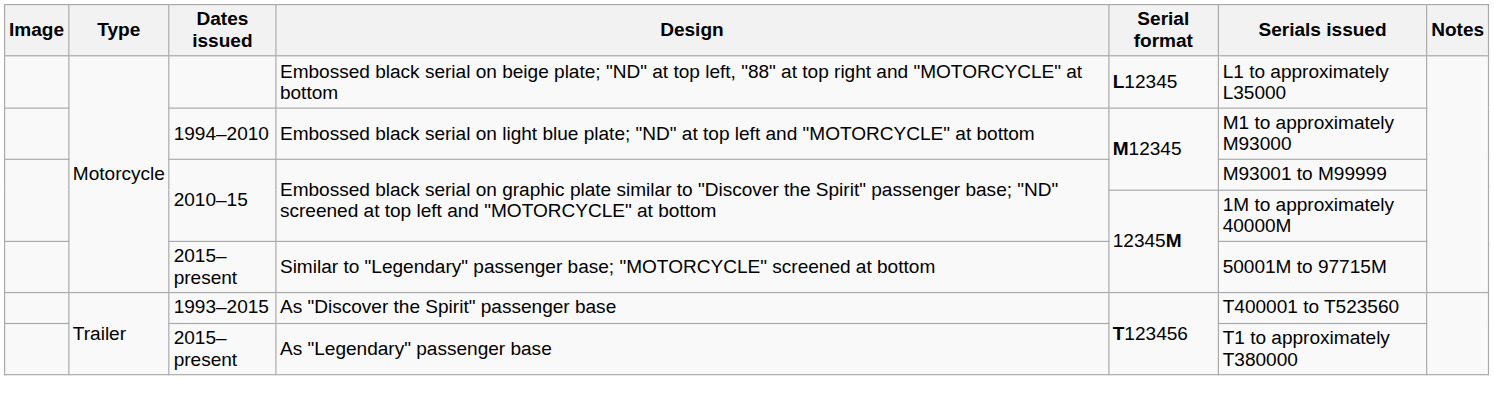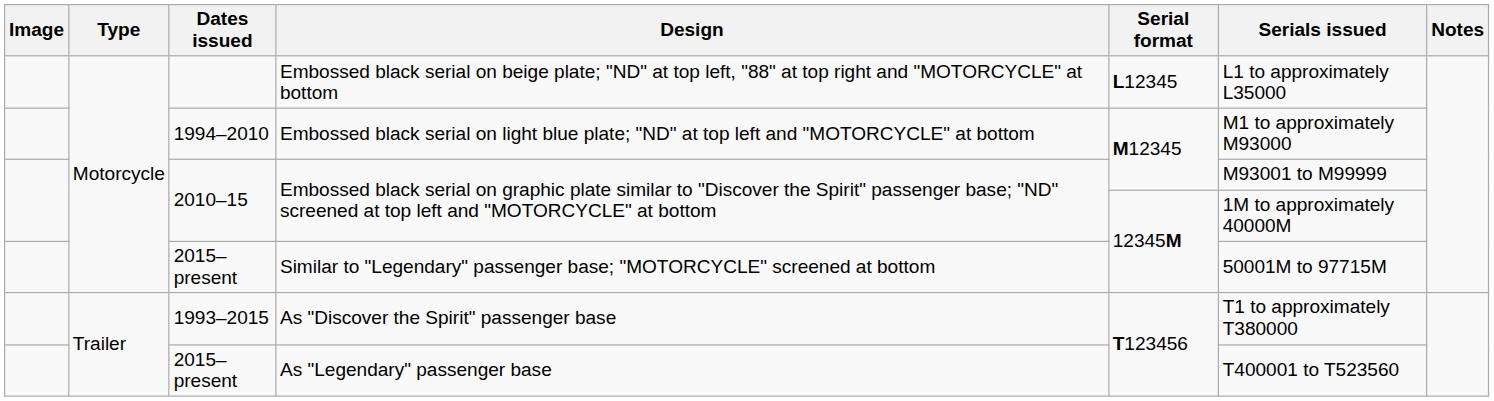 <table class="wikitable">
 <tr>
 <th>Image</th>
 <th>Type</th>
 <th>Dates issued</th>
 <th>Design</th>
 <th>Serial format</th>
 <th>Serials issued</th>
 <th>Notes</th>
 </tr>
 <tr>
 <td></td>
 <td rowspan="5">Motorcycle</td>
 <td></td>
 <td>Embossed black serial on beige plate; "ND" at top left, "88" at top right and "MOTORCYCLE" at bottom</td>
 <td><strong>L</strong>12345</td>
 <td>L1 to approximately L35000</td>
 <td rowspan="5"></td>
 </tr>
 <tr>
 <td></td>
 <td>1994–2010</td>
 <td>Embossed black serial on light blue plate; "ND" at top left and "MOTORCYCLE" at bottom</td>
 <td rowspan="2"><strong>M</strong>12345</td>
 <td>M1 to approximately M93000</td>
 </tr>
 <tr>
 <td rowspan="2"></td>
 <td rowspan="2">2010–15</td>
 <td rowspan="2">Embossed black serial on graphic plate similar to "Discover the Spirit" passenger base; "ND" screened at top left and "MOTORCYCLE" at bottom</td>
 <td>M93001 to M99999</td>
 </tr>
 <tr>
 <td rowspan="2">12345<strong>M</strong></td>
 <td>1M to approximately 40000M</td>
 </tr>
 <tr>
 <td></td>
 <td>2015–present</td>
 <td>Similar to "Legendary" passenger base; "MOTORCYCLE" screened at bottom</td>
 <td>50001M to 97715M </td>
 </tr>
 <tr>
 <td></td>
 <td rowspan="2">Trailer</td>
 <td>1993–2015</td>
 <td>As "Discover the Spirit" passenger base</td>
 <td rowspan="2"><strong>T</strong>123456</td>
-<td>T400001 to T523560 </td>
+<td>T1 to approximately T380000</td>
 <td rowspan="2"></td>
 </tr>
 <tr>
 <td></td>
 <td>2015–present</td>
 <td>As "Legendary" passenger base</td>
-<td>T1 to approximately T380000</td>
+<td>T400001 to T523560 </td>
 </tr>
 </table>
